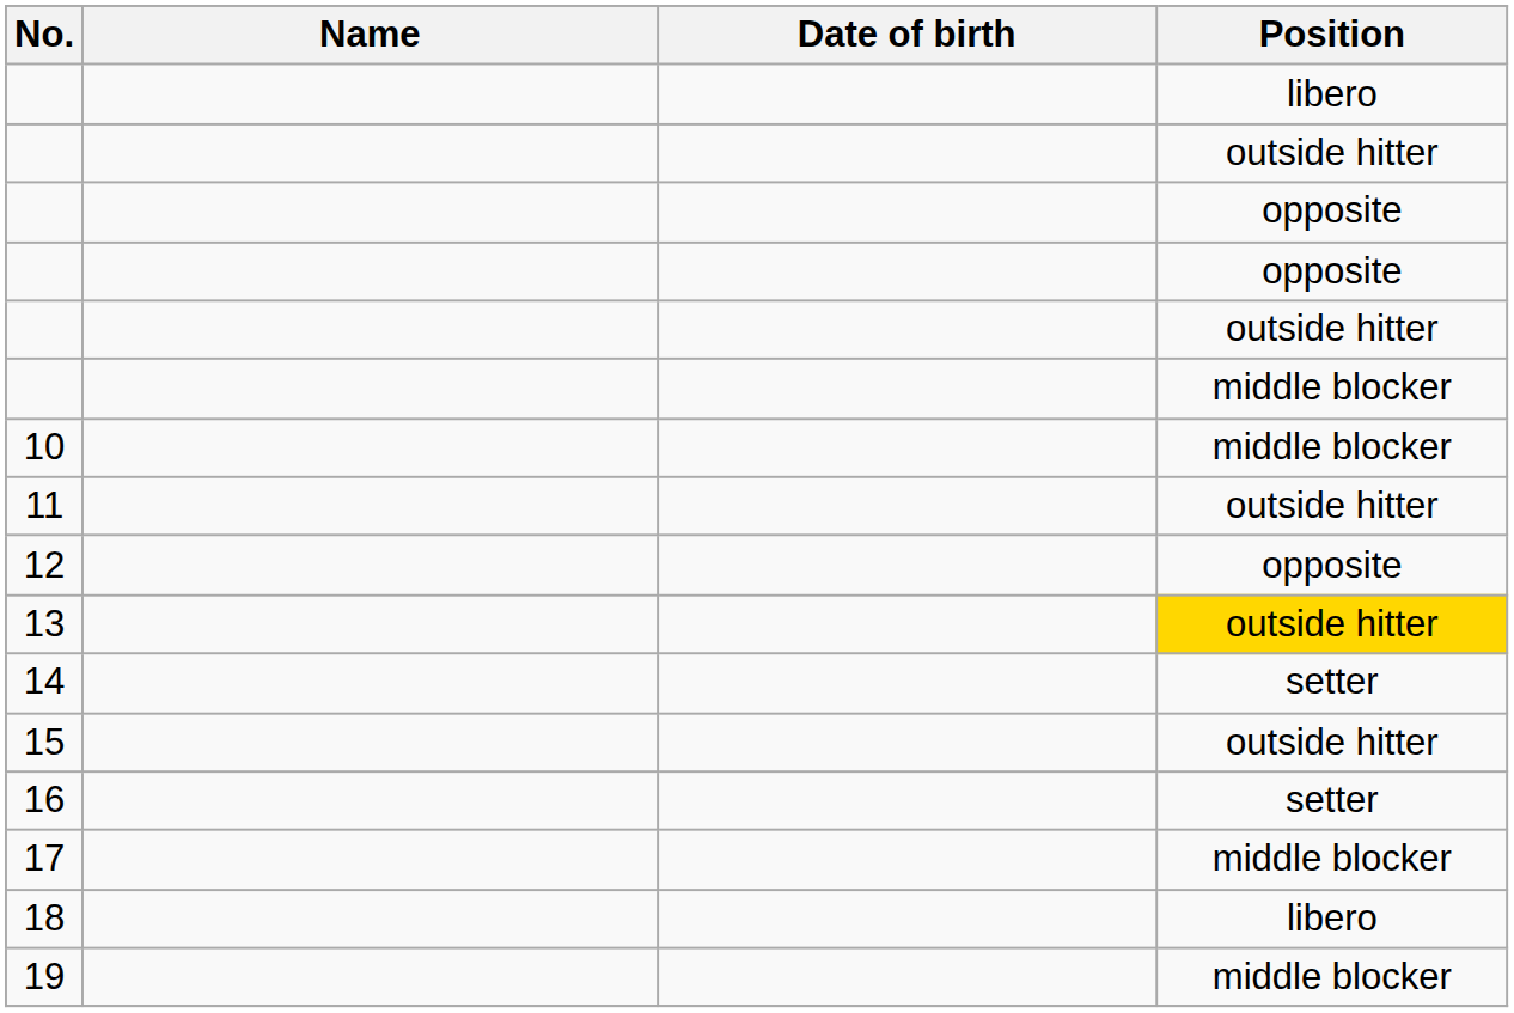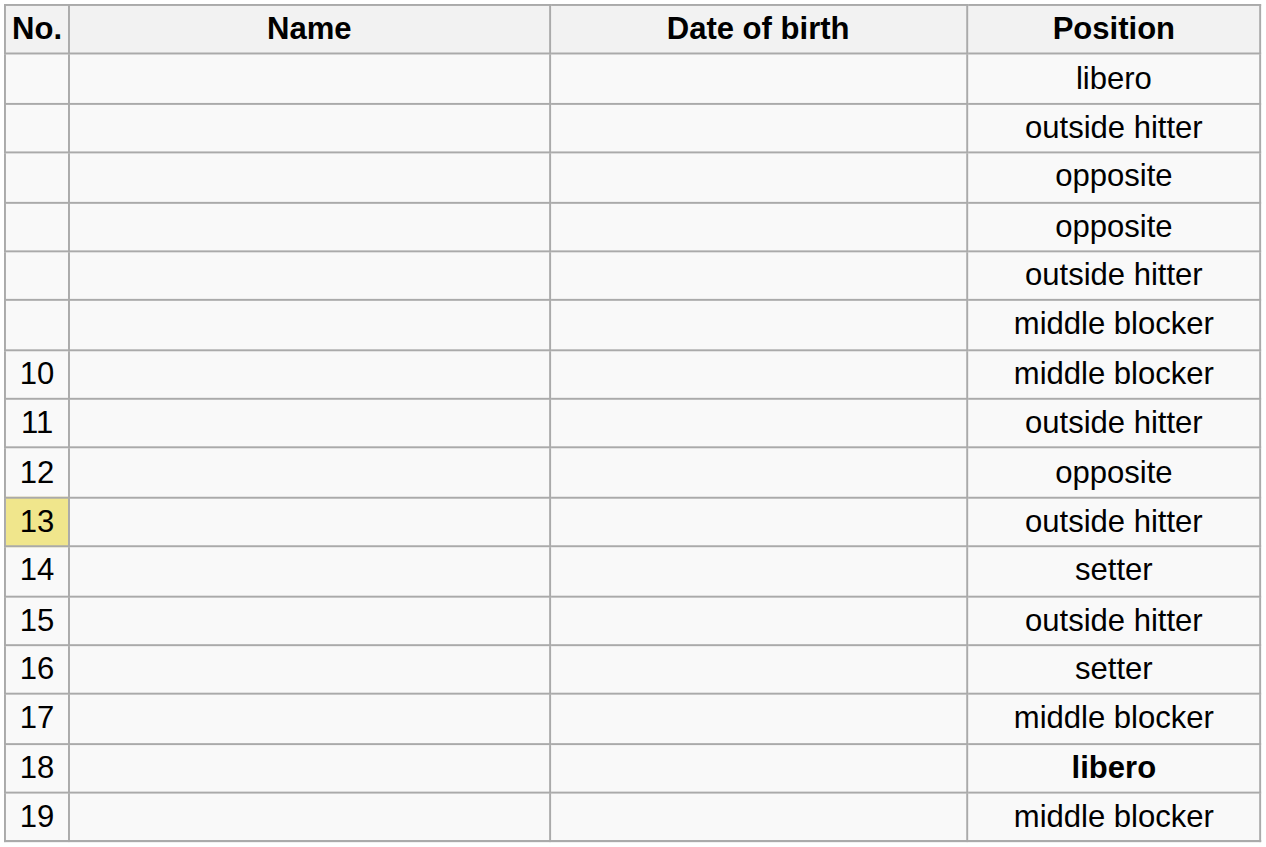 <table class="wikitable sortable" style="font-size:100%; text-align:center;">
 <tr>
 <th>No.</th>
 <th style="width:15em">Name</th>
 <th style="width:13em">Date of birth</th>
 <th style="width:9em">Position</th>
 </tr>
 <tr>
 <td></td>
 <td align=left> </td>
 <td align=right></td>
 <td>libero</td>
 </tr>
 <tr>
 <td></td>
 <td align=left> </td>
 <td align=right></td>
 <td>outside hitter</td>
 </tr>
 <tr>
 <td></td>
 <td align=left> </td>
 <td align=right></td>
 <td>opposite</td>
 </tr>
 <tr>
 <td></td>
 <td align=left> </td>
 <td align=right></td>
 <td>opposite</td>
 </tr>
 <tr>
 <td></td>
 <td align=left> </td>
 <td align=right></td>
 <td>outside hitter</td>
 </tr>
 <tr>
 <td></td>
 <td align=left> </td>
 <td align=right></td>
 <td>middle blocker</td>
 </tr>
 <tr>
 <td>10</td>
 <td align=left> </td>
 <td align=right></td>
 <td>middle blocker</td>
 </tr>
 <tr>
 <td>11</td>
 <td align=left> </td>
 <td align=right></td>
 <td>outside hitter</td>
 </tr>
 <tr>
 <td>12</td>
 <td align=left> </td>
 <td align=right></td>
 <td>opposite</td>
 </tr>
 <tr>
-<td>13</td>
+<td style="background: khaki;">13</td>
 <td align=left> </td>
 <td align=right></td>
-<td style="background: gold;">outside hitter</td>
+<td>outside hitter</td>
 </tr>
 <tr>
 <td>14</td>
 <td align=left> </td>
 <td align=right></td>
 <td>setter</td>
 </tr>
 <tr>
 <td>15</td>
 <td align=left> </td>
 <td align=right></td>
 <td>outside hitter</td>
 </tr>
 <tr>
 <td>16</td>
 <td align=left> </td>
 <td align=right></td>
 <td>setter</td>
 </tr>
 <tr>
 <td>17</td>
 <td align=left> </td>
 <td align=right></td>
 <td>middle blocker</td>
 </tr>
 <tr>
 <td>18</td>
 <td align=left> </td>
 <td align=right></td>
-<td>libero</td>
+<td><strong>libero</strong></td>
 </tr>
 <tr>
 <td>19</td>
 <td align=left> </td>
 <td align=right></td>
 <td>middle blocker</td>
 </tr>
 <tr>
 </tr>
 </table>
